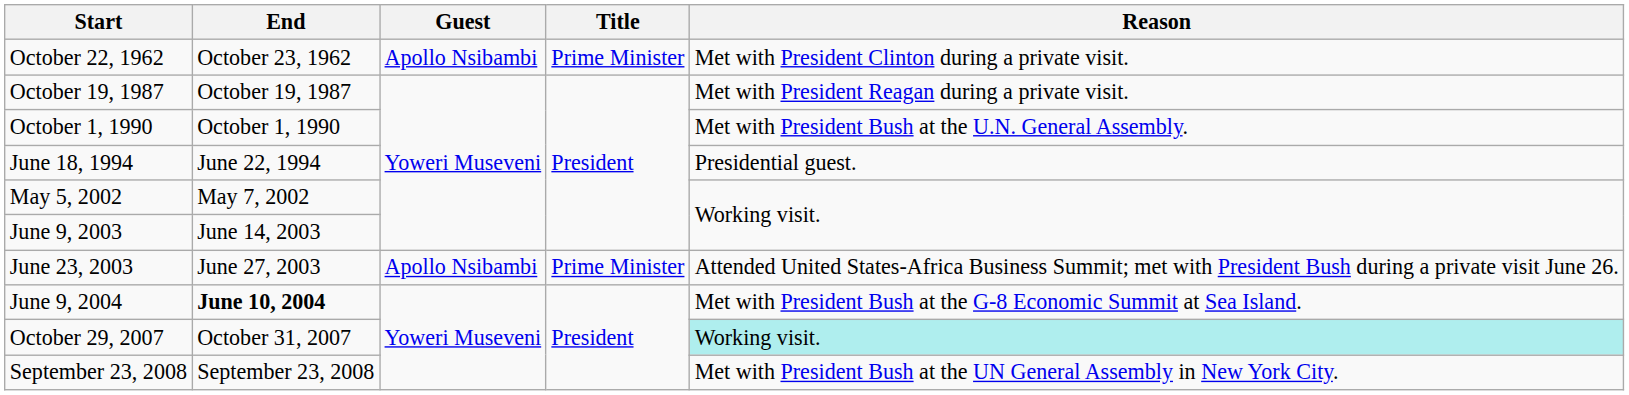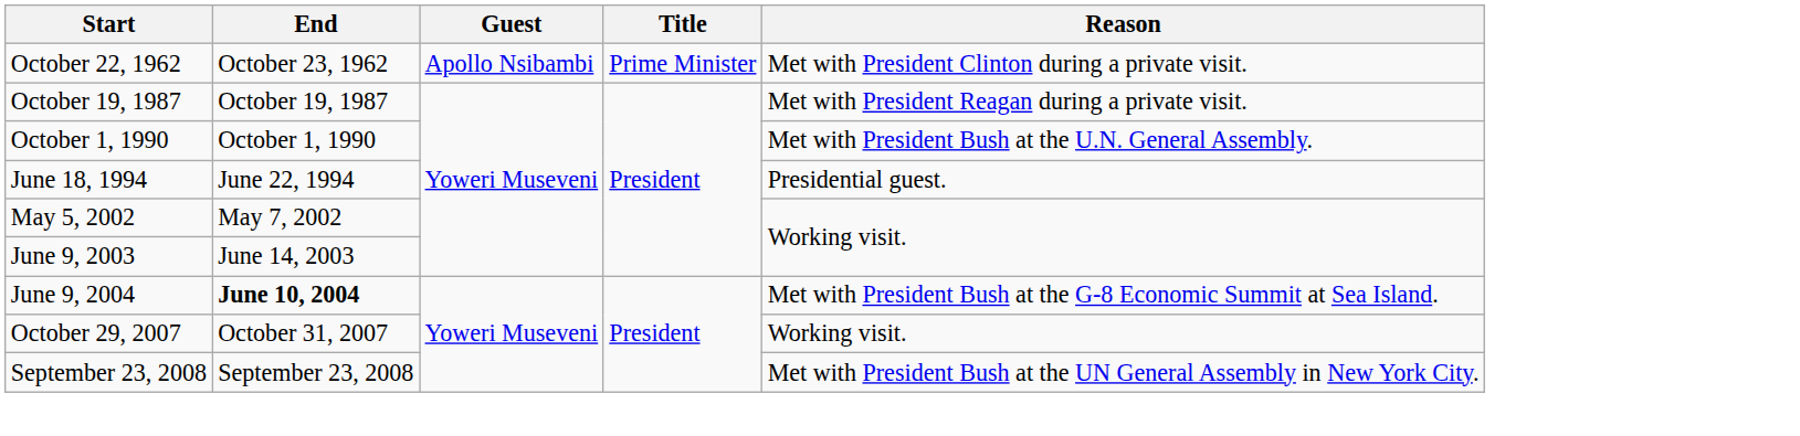 <table class="wikitable sortable">
 <tr>
 <th>Start</th>
 <th>End</th>
 <th>Guest</th>
 <th>Title</th>
 <th>Reason</th>
 </tr>
 <tr>
 <td>October 22, 1962</td>
 <td>October 23, 1962</td>
 <td><a href='#'>Apollo Nsibambi</a></td>
 <td><a href='#'>Prime Minister</a></td>
 <td>Met with <a href='#'>President Clinton</a> during a private visit.</td>
 </tr>
 <tr>
 <td>October 19, 1987</td>
 <td>October 19, 1987</td>
 <td rowspan=5><a href='#'>Yoweri Museveni</a></td>
 <td rowspan=5><a href='#'>President</a></td>
 <td>Met with <a href='#'>President Reagan</a> during a private visit.</td>
 </tr>
 <tr>
 <td>October 1, 1990</td>
 <td>October 1, 1990</td>
 <td>Met with <a href='#'>President Bush</a> at the <a href='#'>U.N. General Assembly</a>.</td>
 </tr>
 <tr>
 <td>June 18, 1994</td>
 <td>June 22, 1994</td>
 <td>Presidential guest.</td>
 </tr>
 <tr>
 <td>May 5, 2002</td>
 <td>May 7, 2002</td>
 <td rowspan=2>Working visit.</td>
 </tr>
 <tr>
 <td>June 9, 2003</td>
 <td>June 14, 2003</td>
 </tr>
 <tr>
-<td>June 23, 2003</td>
-<td>June 27, 2003</td>
-<td><a href='#'>Apollo Nsibambi</a></td>
-<td><a href='#'>Prime Minister</a></td>
-<td>Attended United States-Africa Business Summit; met with <a href='#'>President Bush</a> during a private visit June 26.</td>
-</tr>
-<tr>
 <td>June 9, 2004</td>
 <td><strong>June 10, 2004</strong></td>
 <td rowspan=3><a href='#'>Yoweri Museveni</a></td>
 <td rowspan="3"><a href='#'>President</a></td>
 <td>Met with <a href='#'>President Bush</a> at the <a href='#'>G-8 Economic Summit</a> at <a href='#'>Sea Island</a>.</td>
 </tr>
 <tr>
 <td>October 29, 2007</td>
 <td>October 31, 2007</td>
-<td style="background: paleturquoise;">Working visit.</td>
+<td>Working visit.</td>
 </tr>
 <tr>
 <td>September 23, 2008</td>
 <td>September 23, 2008</td>
 <td>Met with <a href='#'>President Bush</a> at the <a href='#'>UN General Assembly</a> in <a href='#'>New York City</a>.</td>
 </tr>
 </table>
